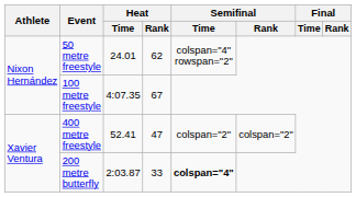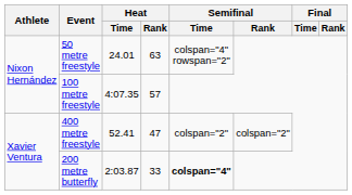 <table class="wikitable" style="text-align:center; font-size:90%; width:50%;">
 <tr>
 <th rowspan="2">Athlete</th>
 <th rowspan="2">Event</th>
 <th colspan="2">Heat</th>
 <th colspan="2">Semifinal</th>
 <th colspan="2">Final</th>
 </tr>
 <tr style="font-size:95%">
 <th>Time</th>
 <th>Rank</th>
 <th>Time</th>
 <th>Rank</th>
 <th>Time</th>
 <th>Rank</th>
 </tr>
 <tr align=center>
 <td align=left rowspan="2"><a href='#'>Nixon Hernández</a></td>
 <td align=left><a href='#'>50 metre freestyle</a></td>
 <td>24.01</td>
-<td>62</td>
+<td>63</td>
 <td>colspan="4" rowspan="2" </td>
 </tr>
 <tr align=center>
 <td align=left><a href='#'>100 metre freestyle</a></td>
 <td>4:07.35</td>
-<td>67</td>
+<td>57</td>
 </tr>
 <tr align=center>
 <td align=left rowspan="2"><a href='#'>Xavier Ventura</a></td>
 <td align=left><a href='#'>400 metre freestyle</a></td>
 <td>52.41</td>
 <td>47</td>
 <td>colspan="2"  </td>
 <td>colspan="2"  </td>
 </tr>
 <tr align=center>
 <td align=left><a href='#'>200 metre butterfly</a></td>
 <td>2:03.87</td>
 <td>33</td>
 <td><strong>colspan="4"  </strong></td>
 </tr>
 </table>
